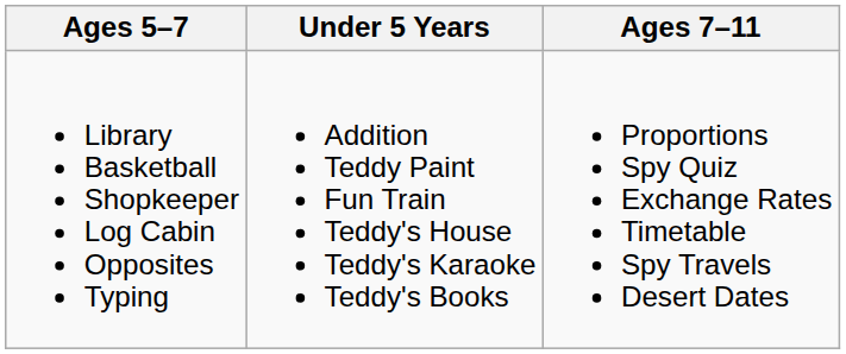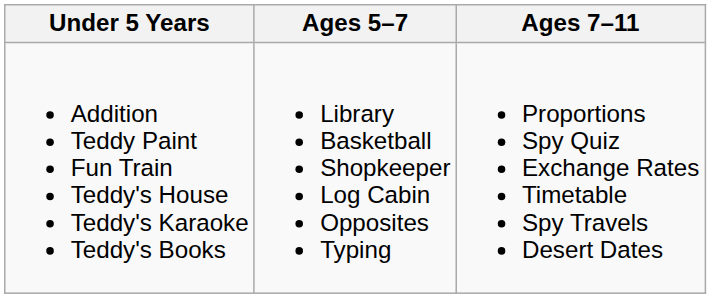 <table class="wikitable">
 <tr>
+<th>Under 5 Years</th>
 <th>Ages 5–7</th>
-<th>Under 5 Years</th>
 <th>Ages 7–11</th>
 </tr>
 <tr>
+<td><br><ul><li>Addition</li><li>Teddy Paint</li><li>Fun Train</li><li>Teddy's House</li><li>Teddy's Karaoke</li><li>Teddy's Books</li></ul></td>
 <td><br><ul><li>Library</li><li>Basketball</li><li>Shopkeeper</li><li>Log Cabin</li><li>Opposites</li><li>Typing</li></ul></td>
-<td><br><ul><li>Addition</li><li>Teddy Paint</li><li>Fun Train</li><li>Teddy's House</li><li>Teddy's Karaoke</li><li>Teddy's Books</li></ul></td>
 <td><br><ul><li>Proportions</li><li>Spy Quiz</li><li>Exchange Rates</li><li>Timetable</li><li>Spy Travels</li><li>Desert Dates</li></ul></td>
 </tr>
 </table>
